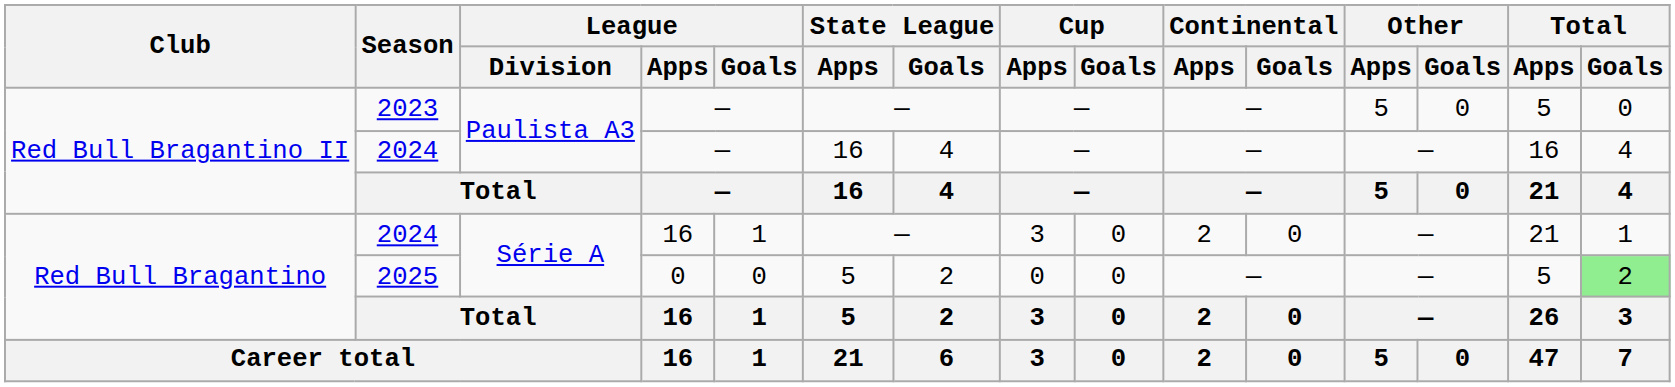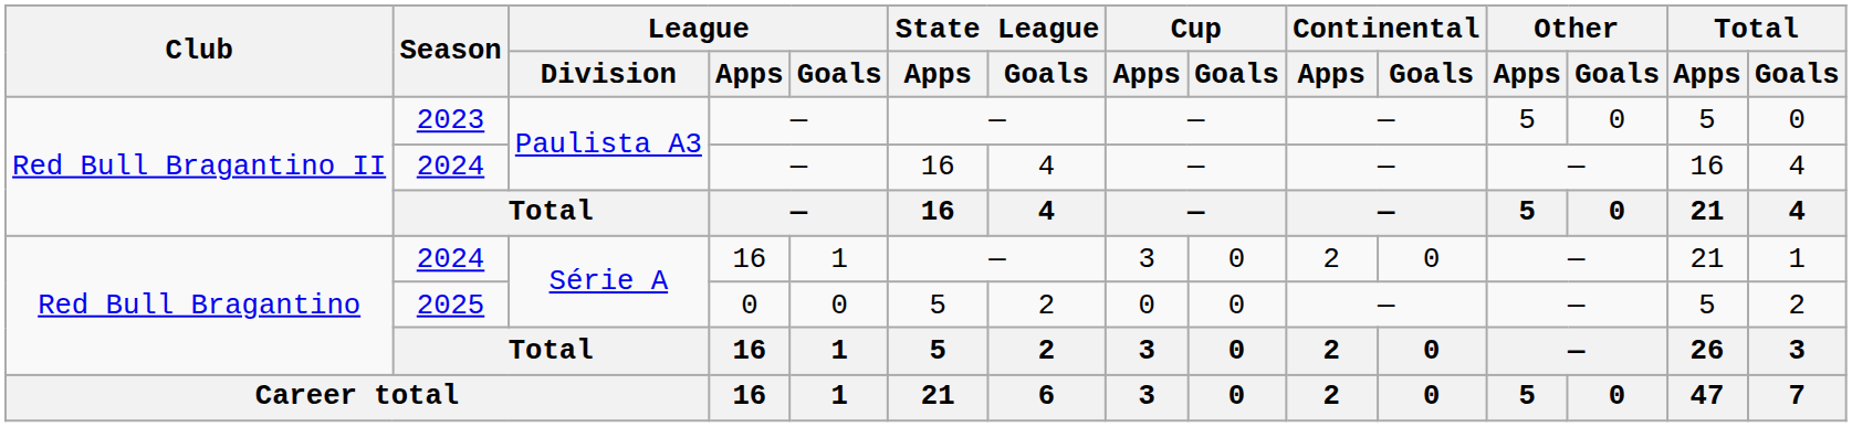 <table class="wikitable" style="text-align: center">
 <tr>
 <th rowspan="2">Club</th>
 <th rowspan="2">Season</th>
 <th colspan="3">League</th>
 <th colspan="2">State League</th>
 <th colspan="2">Cup</th>
 <th colspan="2">Continental</th>
 <th colspan="2">Other</th>
 <th colspan="2">Total</th>
 </tr>
 <tr>
 <th>Division</th>
 <th>Apps</th>
 <th>Goals</th>
 <th>Apps</th>
 <th>Goals</th>
 <th>Apps</th>
 <th>Goals</th>
 <th>Apps</th>
 <th>Goals</th>
 <th>Apps</th>
 <th>Goals</th>
 <th>Apps</th>
 <th>Goals</th>
 </tr>
 <tr>
 <td rowspan="3"><a href='#'>Red Bull Bragantino II</a></td>
 <td><a href='#'>2023</a></td>
 <td rowspan="2"><a href='#'>Paulista A3</a></td>
 <td colspan="2">—</td>
 <td colspan="2">—</td>
 <td colspan="2">—</td>
 <td colspan="2">—</td>
 <td>5</td>
 <td>0</td>
 <td>5</td>
 <td>0</td>
 </tr>
 <tr>
 <td><a href='#'>2024</a></td>
 <td colspan="2">—</td>
 <td>16</td>
 <td>4</td>
 <td colspan="2">—</td>
 <td colspan="2">—</td>
 <td colspan="2">—</td>
 <td>16</td>
 <td>4</td>
 </tr>
 <tr>
 <th colspan="2">Total</th>
 <th colspan="2">—</th>
 <th>16</th>
 <th>4</th>
 <th colspan="2">—</th>
 <th colspan="2">—</th>
 <th>5</th>
 <th>0</th>
 <th>21</th>
 <th>4</th>
 </tr>
 <tr>
 <td rowspan="3"><a href='#'>Red Bull Bragantino</a></td>
 <td><a href='#'>2024</a></td>
 <td rowspan="2"><a href='#'>Série A</a></td>
 <td>16</td>
 <td>1</td>
 <td colspan="2">—</td>
 <td>3</td>
 <td>0</td>
 <td>2</td>
 <td>0</td>
 <td colspan="2">—</td>
 <td>21</td>
 <td>1</td>
 </tr>
 <tr>
 <td><a href='#'>2025</a></td>
 <td>0</td>
 <td>0</td>
 <td>5</td>
 <td>2</td>
 <td>0</td>
 <td>0</td>
 <td colspan="2">—</td>
 <td colspan="2">—</td>
 <td>5</td>
-<td style="background: lightgreen;">2</td>
+<td>2</td>
 </tr>
 <tr>
 <th colspan="2">Total</th>
 <th>16</th>
 <th>1</th>
 <th>5</th>
 <th>2</th>
 <th>3</th>
 <th>0</th>
 <th>2</th>
 <th>0</th>
 <th colspan="2">—</th>
 <th>26</th>
 <th>3</th>
 </tr>
 <tr>
 <th colspan="3"><strong>Career total</strong></th>
 <th>16</th>
 <th>1</th>
 <th>21</th>
 <th>6</th>
 <th>3</th>
 <th>0</th>
 <th>2</th>
 <th>0</th>
 <th>5</th>
 <th>0</th>
 <th>47</th>
 <th>7</th>
 </tr>
 </table>
